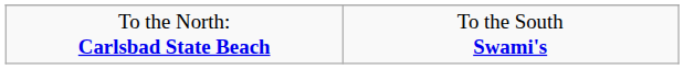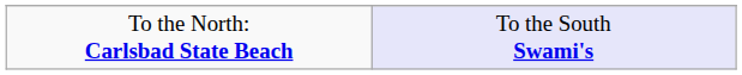 <table class="wikitable" style="margin: 0.5em auto; clear: both; font-size:95%;">
 <tr style="text-align: center;">
 </tr>
 <tr style="text-align: center;">
 <td width="30%" align="center" rowspan="1">To the North:<br><strong><a href='#'>Carlsbad State Beach</a></strong><br></td>
-<td width="30%" align="center" rowspan="1">To the South<br><strong><a href='#'>Swami's</a></strong></td>
+<td width="30%" align="center" rowspan="1" style="background: lavender;">To the South<br><strong><a href='#'>Swami's</a></strong></td>
 </tr>
 </table>
